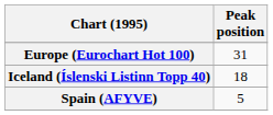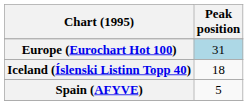 <table class="wikitable sortable plainrowheaders" style="text-align:center">
 <tr>
 <th scope="col">Chart (1995)</th>
 <th scope="col">Peak<br>position</th>
 </tr>
 <tr>
 </tr>
 <tr>
 </tr>
 <tr>
 </tr>
 <tr>
 <th scope="row">Europe (<a href='#'>Eurochart Hot 100</a>)</th>
-<td>31</td>
+<td style="background: lightblue;">31</td>
 </tr>
 <tr>
 </tr>
 <tr>
 <th scope="row">Iceland (<a href='#'>Íslenski Listinn Topp 40</a>)</th>
 <td>18</td>
 </tr>
 <tr>
 </tr>
 <tr>
 </tr>
 <tr>
 </tr>
 <tr>
 <th scope="row">Spain (<a href='#'>AFYVE</a>)</th>
 <td>5</td>
 </tr>
 <tr>
 </tr>
 <tr>
 </tr>
 <tr>
 </tr>
 <tr>
 </tr>
 <tr>
 </tr>
 </table>
